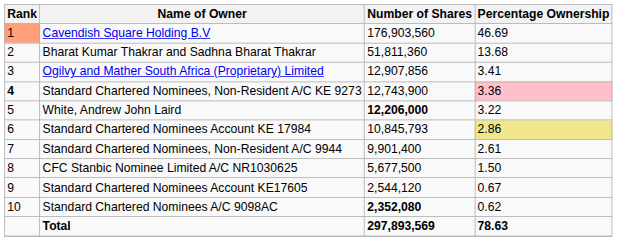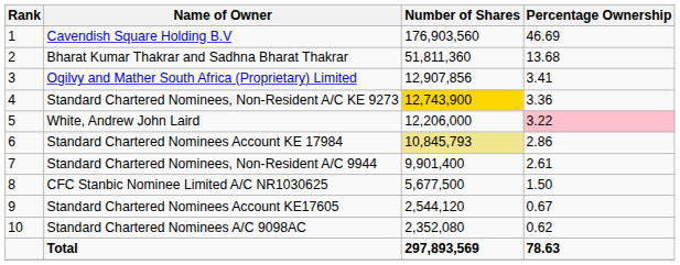 <table class="wikitable sortable" style="margin-left:auto;margin-right:auto">
 <tr>
 <th style="width:2em;">Rank</th>
 <th>Name of Owner</th>
 <th>Number of Shares</th>
 <th>Percentage Ownership</th>
 </tr>
 <tr>
-<td style="background: lightsalmon;">1</td>
+<td>1</td>
 <td><a href='#'>Cavendish Square Holding B.V</a></td>
 <td>176,903,560</td>
 <td>46.69</td>
 </tr>
 <tr>
 <td>2</td>
 <td>Bharat Kumar Thakrar and Sadhna Bharat Thakrar</td>
 <td>51,811,360</td>
 <td>13.68</td>
 </tr>
 <tr>
 <td>3</td>
 <td><a href='#'>Ogilvy and Mather South Africa (Proprietary) Limited</a></td>
 <td>12,907,856</td>
 <td>3.41</td>
 </tr>
 <tr>
-<td><strong>4</strong></td>
+<td>4</td>
 <td>Standard Chartered Nominees, Non-Resident A/C KE 9273</td>
-<td>12,743,900</td>
-<td style="background: pink;">3.36</td>
+<td style="background: gold;">12,743,900</td>
+<td>3.36</td>
 </tr>
 <tr>
 <td>5</td>
 <td>White, Andrew John Laird</td>
-<td><strong>12,206,000</strong></td>
-<td>3.22</td>
+<td>12,206,000</td>
+<td style="background: pink;">3.22</td>
 </tr>
 <tr>
 <td>6</td>
 <td>Standard Chartered Nominees Account KE 17984</td>
-<td>10,845,793</td>
-<td style="background: khaki;">2.86</td>
+<td style="background: khaki;">10,845,793</td>
+<td>2.86</td>
 </tr>
 <tr>
 <td>7</td>
 <td>Standard Chartered Nominees, Non-Resident A/C 9944</td>
 <td>9,901,400</td>
 <td>2.61</td>
 </tr>
 <tr>
 <td>8</td>
 <td>CFC Stanbic Nominee Limited A/C NR1030625</td>
 <td>5,677,500</td>
 <td>1.50</td>
 </tr>
 <tr>
 <td>9</td>
 <td>Standard Chartered Nominees Account KE17605</td>
 <td>2,544,120</td>
 <td>0.67</td>
 </tr>
 <tr>
 <td>10</td>
 <td>Standard Chartered Nominees A/C 9098AC</td>
-<td><strong>2,352,080</strong></td>
+<td>2,352,080</td>
 <td>0.62</td>
 </tr>
 <tr>
 <td></td>
 <td><strong>Total</strong></td>
 <td><strong>297,893,569</strong></td>
 <td><strong>78.63</strong></td>
 </tr>
 <tr>
 </tr>
 </table>
